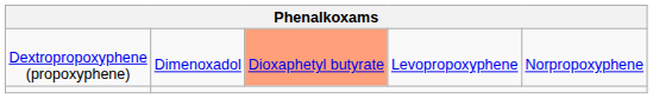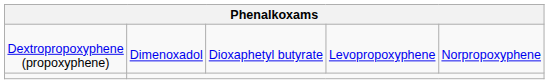 <table class="wikitable" style="font-size:smaller; text-align:center">
 <tr>
 <th colspan="5">Phenalkoxams</th>
 </tr>
 <tr>
 <td><br><a href='#'>Dextropropoxyphene</a> <br>(propoxyphene)</td>
 <td><br><a href='#'>Dimenoxadol</a></td>
-<td style="background: lightsalmon;"><br><a href='#'>Dioxaphetyl butyrate</a></td>
+<td><br><a href='#'>Dioxaphetyl butyrate</a></td>
 <td><br><a href='#'>Levopropoxyphene</a></td>
 <td><br><a href='#'>Norpropoxyphene</a></td>
 </tr>
 <tr>
 <td></td>
 </tr>
 </table>
